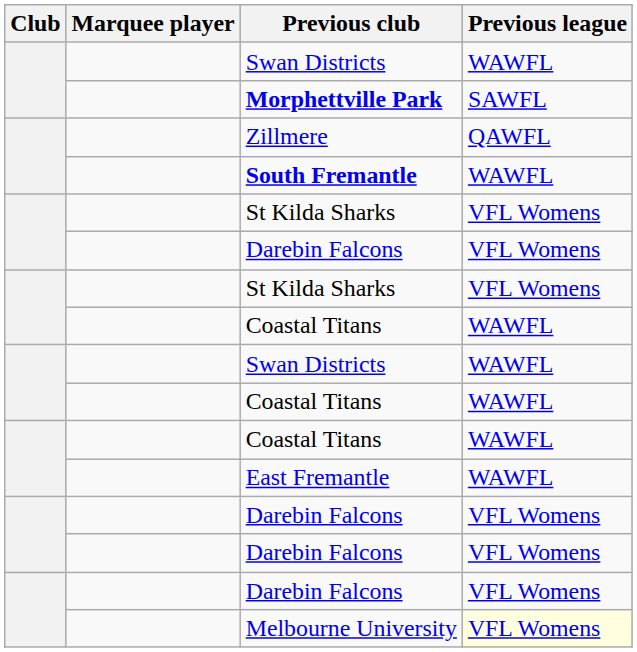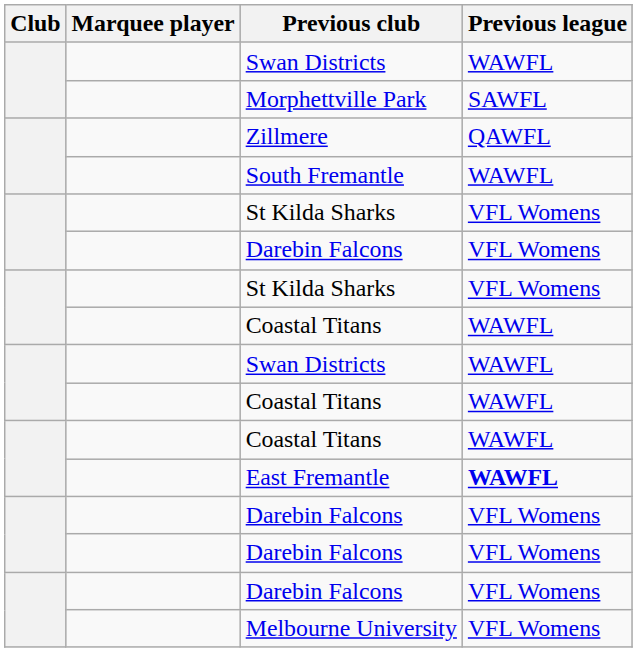 <table class="wikitable sortable">
 <tr>
 <th>Club</th>
 <th>Marquee player</th>
 <th>Previous club</th>
 <th>Previous league</th>
 </tr>
 <tr>
 <th rowspan="2" ></th>
 <td></td>
 <td><a href='#'>Swan Districts</a></td>
 <td><a href='#'>WAWFL</a></td>
 </tr>
 <tr>
 <td></td>
-<td><strong><a href='#'>Morphettville Park</a></strong></td>
+<td><a href='#'>Morphettville Park</a></td>
 <td><a href='#'>SAWFL</a></td>
 </tr>
 <tr>
 <th rowspan="2" ></th>
 <td></td>
 <td><a href='#'>Zillmere</a></td>
 <td><a href='#'>QAWFL</a></td>
 </tr>
 <tr>
 <td></td>
-<td><strong><a href='#'>South Fremantle</a></strong></td>
+<td><a href='#'>South Fremantle</a></td>
 <td><a href='#'>WAWFL</a></td>
 </tr>
 <tr>
 <th rowspan="2" ></th>
 <td></td>
 <td>St Kilda Sharks</td>
 <td><a href='#'>VFL Womens</a></td>
 </tr>
 <tr>
 <td></td>
 <td><a href='#'>Darebin Falcons</a></td>
 <td><a href='#'>VFL Womens</a></td>
 </tr>
 <tr>
 <th rowspan="2" ></th>
 <td></td>
 <td>St Kilda Sharks</td>
 <td><a href='#'>VFL Womens</a></td>
 </tr>
 <tr>
 <td></td>
 <td>Coastal Titans</td>
 <td><a href='#'>WAWFL</a></td>
 </tr>
 <tr>
 <th rowspan="2" ></th>
 <td></td>
 <td><a href='#'>Swan Districts</a></td>
 <td><a href='#'>WAWFL</a></td>
 </tr>
 <tr>
 <td></td>
 <td>Coastal Titans</td>
 <td><a href='#'>WAWFL</a></td>
 </tr>
 <tr>
 <th rowspan="2" ></th>
 <td></td>
 <td>Coastal Titans</td>
 <td><a href='#'>WAWFL</a></td>
 </tr>
 <tr>
 <td></td>
 <td><a href='#'>East Fremantle</a></td>
-<td><a href='#'>WAWFL</a></td>
+<td><strong><a href='#'>WAWFL</a></strong></td>
 </tr>
 <tr>
 <th rowspan="2" ></th>
 <td></td>
 <td><a href='#'>Darebin Falcons</a></td>
 <td><a href='#'>VFL Womens</a></td>
 </tr>
 <tr>
 <td></td>
 <td><a href='#'>Darebin Falcons</a></td>
 <td><a href='#'>VFL Womens</a></td>
 </tr>
 <tr>
 <th rowspan="2" ></th>
 <td></td>
 <td><a href='#'>Darebin Falcons</a></td>
 <td><a href='#'>VFL Womens</a></td>
 </tr>
 <tr>
 <td></td>
 <td><a href='#'>Melbourne University</a></td>
-<td style="background: lightyellow;"><a href='#'>VFL Womens</a></td>
+<td><a href='#'>VFL Womens</a></td>
 </tr>
 </table>
